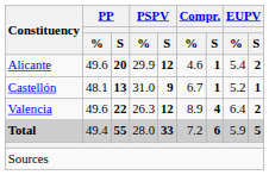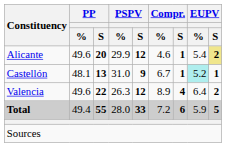 <table class="wikitable sortable" style="text-align:right; line-height:20px;">
 <tr>
 <th rowspan="3">Constituency</th>
 <th colspan="2" width="30px" class="unsortable"><a href='#'>PP</a></th>
 <th colspan="2" width="30px" class="unsortable"><a href='#'>PSPV</a></th>
 <th colspan="2" width="30px" class="unsortable"><a href='#'>Compr.</a></th>
 <th colspan="2" width="30px" class="unsortable"><a href='#'>EUPV</a></th>
 </tr>
 <tr>
 <th colspan="2" style="background:"></th>
 <th colspan="2" style="background:"></th>
 <th colspan="2" style="background:"></th>
 <th colspan="2" style="background:"></th>
 </tr>
 <tr>
 <th data-sort-type="number">%</th>
 <th data-sort-type="number">S</th>
 <th data-sort-type="number">%</th>
 <th data-sort-type="number">S</th>
 <th data-sort-type="number">%</th>
 <th data-sort-type="number">S</th>
 <th data-sort-type="number">%</th>
 <th data-sort-type="number">S</th>
 </tr>
 <tr>
 <td align="left"><a href='#'>Alicante</a></td>
 <td style="background:">49.6</td>
 <td><strong>20</strong></td>
 <td>29.9</td>
 <td><strong>12</strong></td>
 <td>4.6</td>
 <td><strong>1</strong></td>
 <td>5.4</td>
-<td><strong>2</strong></td>
+<td style="background: khaki;"><strong>2</strong></td>
 </tr>
 <tr>
 <td align="left"><a href='#'>Castellón</a></td>
 <td style="background:">48.1</td>
 <td><strong>13</strong></td>
 <td>31.0</td>
 <td><strong>9</strong></td>
 <td>6.7</td>
 <td><strong>1</strong></td>
-<td>5.2</td>
+<td style="background: paleturquoise;">5.2</td>
 <td><strong>1</strong></td>
 </tr>
 <tr>
 <td align="left"><a href='#'>Valencia</a></td>
 <td style="background:">49.6</td>
 <td><strong>22</strong></td>
 <td>26.3</td>
 <td><strong>12</strong></td>
 <td>8.9</td>
 <td><strong>4</strong></td>
 <td>6.4</td>
 <td><strong>2</strong></td>
 </tr>
 <tr style="background:#CDCDCD;">
 <td align="left"><strong>Total</strong></td>
 <td style="background:">49.4</td>
 <td><strong>55</strong></td>
 <td>28.0</td>
 <td><strong>33</strong></td>
 <td>7.2</td>
 <td><strong>6</strong></td>
 <td>5.9</td>
 <td><strong>5</strong></td>
 </tr>
 <tr>
 <th colspan="9"></th>
 </tr>
 <tr>
 <th style="text-align:left; font-weight:normal; background:#F9F9F9" colspan="9">Sources</th>
 </tr>
 </table>
